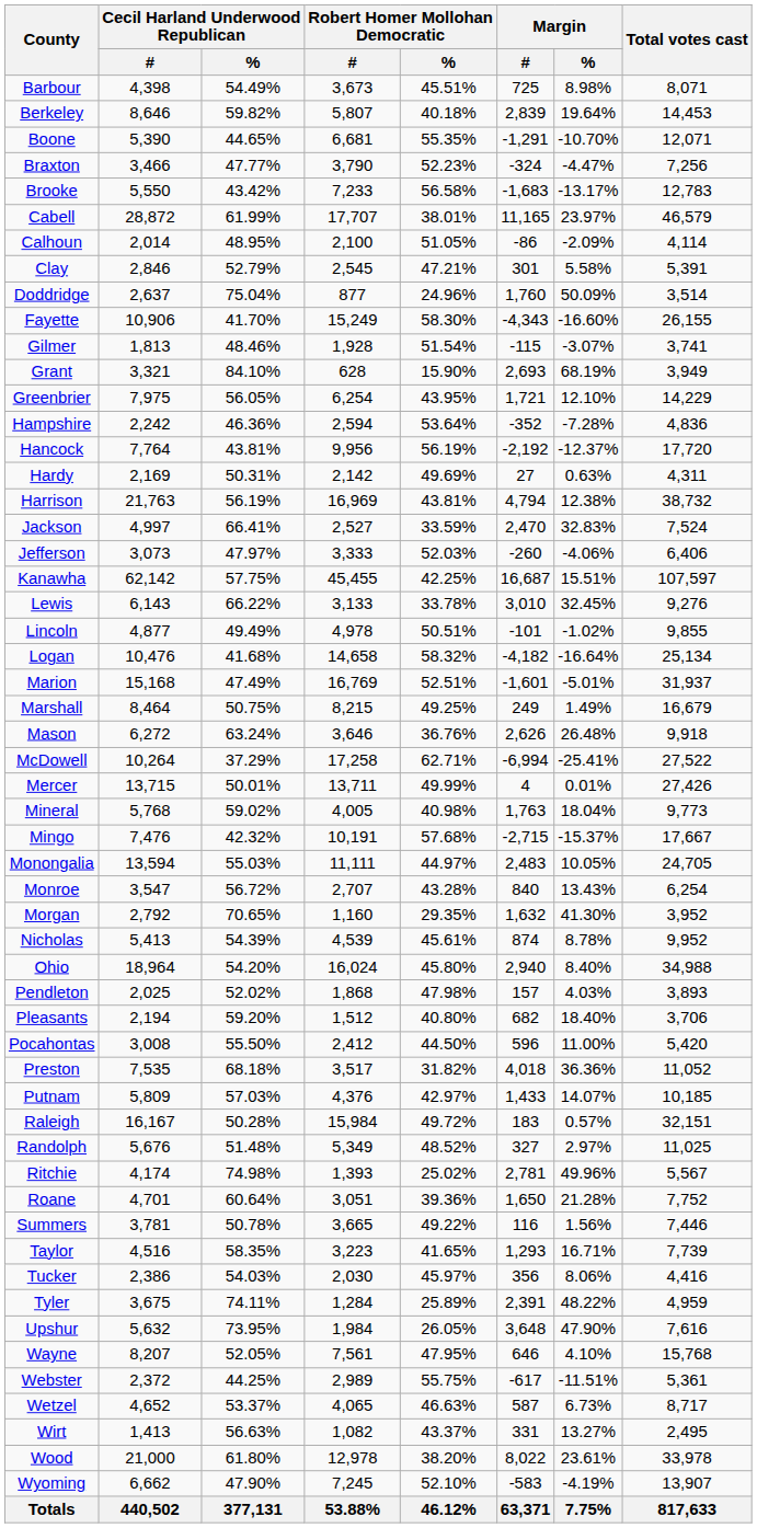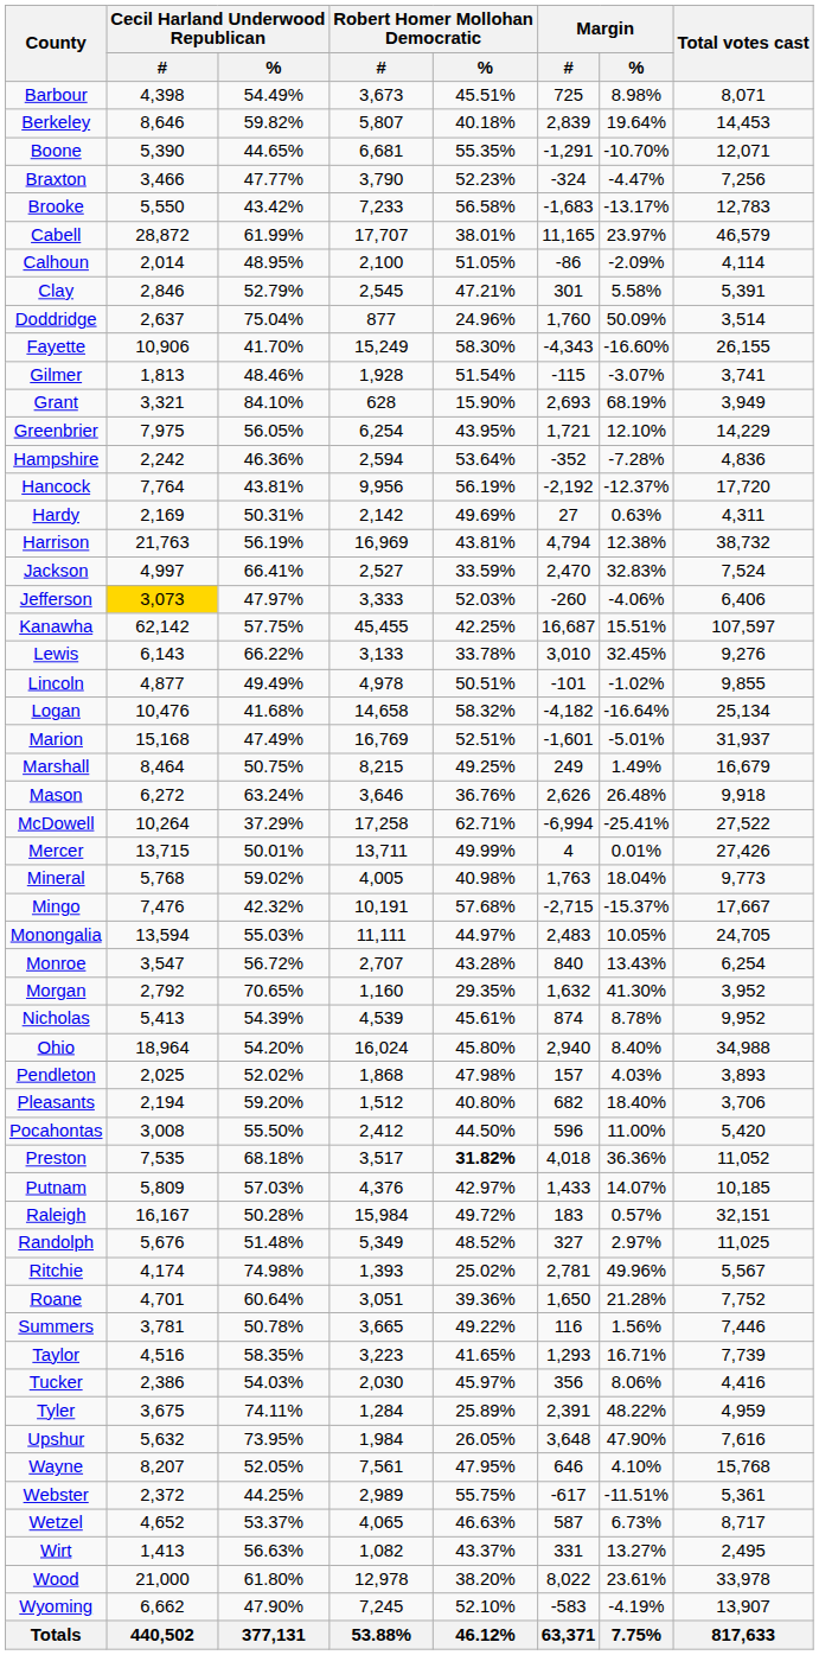 <table class="wikitable sortable" style="text-align:center">
 <tr>
 <th style="text-align:center;" rowspan="2">County</th>
 <th style="text-align:center;" colspan="2">Cecil Harland Underwood<br>Republican</th>
 <th style="text-align:center;" colspan="2">Robert Homer Mollohan<br>Democratic</th>
 <th style="text-align:center;" colspan="2">Margin</th>
 <th style="text-align:center;" rowspan="2">Total votes cast</th>
 </tr>
 <tr>
 <th data-sort-type="number">#</th>
 <th data-sort-type="number">%</th>
 <th data-sort-type="number">#</th>
 <th data-sort-type="number">%</th>
 <th data-sort-type="number">#</th>
 <th data-sort-type="number">%</th>
 </tr>
 <tr style="text-align:center;">
 <td><a href='#'>Barbour</a></td>
 <td>4,398</td>
 <td>54.49%</td>
 <td>3,673</td>
 <td>45.51%</td>
 <td>725</td>
 <td>8.98%</td>
 <td>8,071</td>
 </tr>
 <tr style="text-align:center;">
 <td><a href='#'>Berkeley</a></td>
 <td>8,646</td>
 <td>59.82%</td>
 <td>5,807</td>
 <td>40.18%</td>
 <td>2,839</td>
 <td>19.64%</td>
 <td>14,453</td>
 </tr>
 <tr style="text-align:center;">
 <td><a href='#'>Boone</a></td>
 <td>5,390</td>
 <td>44.65%</td>
 <td>6,681</td>
 <td>55.35%</td>
 <td>-1,291</td>
 <td>-10.70%</td>
 <td>12,071</td>
 </tr>
 <tr style="text-align:center;">
 <td><a href='#'>Braxton</a></td>
 <td>3,466</td>
 <td>47.77%</td>
 <td>3,790</td>
 <td>52.23%</td>
 <td>-324</td>
 <td>-4.47%</td>
 <td>7,256</td>
 </tr>
 <tr style="text-align:center;">
 <td><a href='#'>Brooke</a></td>
 <td>5,550</td>
 <td>43.42%</td>
 <td>7,233</td>
 <td>56.58%</td>
 <td>-1,683</td>
 <td>-13.17%</td>
 <td>12,783</td>
 </tr>
 <tr style="text-align:center;">
 <td><a href='#'>Cabell</a></td>
 <td>28,872</td>
 <td>61.99%</td>
 <td>17,707</td>
 <td>38.01%</td>
 <td>11,165</td>
 <td>23.97%</td>
 <td>46,579</td>
 </tr>
 <tr style="text-align:center;">
 <td><a href='#'>Calhoun</a></td>
 <td>2,014</td>
 <td>48.95%</td>
 <td>2,100</td>
 <td>51.05%</td>
 <td>-86</td>
 <td>-2.09%</td>
 <td>4,114</td>
 </tr>
 <tr style="text-align:center;">
 <td><a href='#'>Clay</a></td>
 <td>2,846</td>
 <td>52.79%</td>
 <td>2,545</td>
 <td>47.21%</td>
 <td>301</td>
 <td>5.58%</td>
 <td>5,391</td>
 </tr>
 <tr style="text-align:center;">
 <td><a href='#'>Doddridge</a></td>
 <td>2,637</td>
 <td>75.04%</td>
 <td>877</td>
 <td>24.96%</td>
 <td>1,760</td>
 <td>50.09%</td>
 <td>3,514</td>
 </tr>
 <tr style="text-align:center;">
 <td><a href='#'>Fayette</a></td>
 <td>10,906</td>
 <td>41.70%</td>
 <td>15,249</td>
 <td>58.30%</td>
 <td>-4,343</td>
 <td>-16.60%</td>
 <td>26,155</td>
 </tr>
 <tr style="text-align:center;">
 <td><a href='#'>Gilmer</a></td>
 <td>1,813</td>
 <td>48.46%</td>
 <td>1,928</td>
 <td>51.54%</td>
 <td>-115</td>
 <td>-3.07%</td>
 <td>3,741</td>
 </tr>
 <tr style="text-align:center;">
 <td><a href='#'>Grant</a></td>
 <td>3,321</td>
 <td>84.10%</td>
 <td>628</td>
 <td>15.90%</td>
 <td>2,693</td>
 <td>68.19%</td>
 <td>3,949</td>
 </tr>
 <tr style="text-align:center;">
 <td><a href='#'>Greenbrier</a></td>
 <td>7,975</td>
 <td>56.05%</td>
 <td>6,254</td>
 <td>43.95%</td>
 <td>1,721</td>
 <td>12.10%</td>
 <td>14,229</td>
 </tr>
 <tr style="text-align:center;">
 <td><a href='#'>Hampshire</a></td>
 <td>2,242</td>
 <td>46.36%</td>
 <td>2,594</td>
 <td>53.64%</td>
 <td>-352</td>
 <td>-7.28%</td>
 <td>4,836</td>
 </tr>
 <tr style="text-align:center;">
 <td><a href='#'>Hancock</a></td>
 <td>7,764</td>
 <td>43.81%</td>
 <td>9,956</td>
 <td>56.19%</td>
 <td>-2,192</td>
 <td>-12.37%</td>
 <td>17,720</td>
 </tr>
 <tr style="text-align:center;">
 <td><a href='#'>Hardy</a></td>
 <td>2,169</td>
 <td>50.31%</td>
 <td>2,142</td>
 <td>49.69%</td>
 <td>27</td>
 <td>0.63%</td>
 <td>4,311</td>
 </tr>
 <tr style="text-align:center;">
 <td><a href='#'>Harrison</a></td>
 <td>21,763</td>
 <td>56.19%</td>
 <td>16,969</td>
 <td>43.81%</td>
 <td>4,794</td>
 <td>12.38%</td>
 <td>38,732</td>
 </tr>
 <tr style="text-align:center;">
 <td><a href='#'>Jackson</a></td>
 <td>4,997</td>
 <td>66.41%</td>
 <td>2,527</td>
 <td>33.59%</td>
 <td>2,470</td>
 <td>32.83%</td>
 <td>7,524</td>
 </tr>
 <tr style="text-align:center;">
 <td><a href='#'>Jefferson</a></td>
-<td>3,073</td>
+<td style="background: gold;">3,073</td>
 <td>47.97%</td>
 <td>3,333</td>
 <td>52.03%</td>
 <td>-260</td>
 <td>-4.06%</td>
 <td>6,406</td>
 </tr>
 <tr style="text-align:center;">
 <td><a href='#'>Kanawha</a></td>
 <td>62,142</td>
 <td>57.75%</td>
 <td>45,455</td>
 <td>42.25%</td>
 <td>16,687</td>
 <td>15.51%</td>
 <td>107,597</td>
 </tr>
 <tr style="text-align:center;">
 <td><a href='#'>Lewis</a></td>
 <td>6,143</td>
 <td>66.22%</td>
 <td>3,133</td>
 <td>33.78%</td>
 <td>3,010</td>
 <td>32.45%</td>
 <td>9,276</td>
 </tr>
 <tr style="text-align:center;">
 <td><a href='#'>Lincoln</a></td>
 <td>4,877</td>
 <td>49.49%</td>
 <td>4,978</td>
 <td>50.51%</td>
 <td>-101</td>
 <td>-1.02%</td>
 <td>9,855</td>
 </tr>
 <tr style="text-align:center;">
 <td><a href='#'>Logan</a></td>
 <td>10,476</td>
 <td>41.68%</td>
 <td>14,658</td>
 <td>58.32%</td>
 <td>-4,182</td>
 <td>-16.64%</td>
 <td>25,134</td>
 </tr>
 <tr style="text-align:center;">
 <td><a href='#'>Marion</a></td>
 <td>15,168</td>
 <td>47.49%</td>
 <td>16,769</td>
 <td>52.51%</td>
 <td>-1,601</td>
 <td>-5.01%</td>
 <td>31,937</td>
 </tr>
 <tr style="text-align:center;">
 <td><a href='#'>Marshall</a></td>
 <td>8,464</td>
 <td>50.75%</td>
 <td>8,215</td>
 <td>49.25%</td>
 <td>249</td>
 <td>1.49%</td>
 <td>16,679</td>
 </tr>
 <tr style="text-align:center;">
 <td><a href='#'>Mason</a></td>
 <td>6,272</td>
 <td>63.24%</td>
 <td>3,646</td>
 <td>36.76%</td>
 <td>2,626</td>
 <td>26.48%</td>
 <td>9,918</td>
 </tr>
 <tr style="text-align:center;">
 <td><a href='#'>McDowell</a></td>
 <td>10,264</td>
 <td>37.29%</td>
 <td>17,258</td>
 <td>62.71%</td>
 <td>-6,994</td>
 <td>-25.41%</td>
 <td>27,522</td>
 </tr>
 <tr style="text-align:center;">
 <td><a href='#'>Mercer</a></td>
 <td>13,715</td>
 <td>50.01%</td>
 <td>13,711</td>
 <td>49.99%</td>
 <td>4</td>
 <td>0.01%</td>
 <td>27,426</td>
 </tr>
 <tr style="text-align:center;">
 <td><a href='#'>Mineral</a></td>
 <td>5,768</td>
 <td>59.02%</td>
 <td>4,005</td>
 <td>40.98%</td>
 <td>1,763</td>
 <td>18.04%</td>
 <td>9,773</td>
 </tr>
 <tr style="text-align:center;">
 <td><a href='#'>Mingo</a></td>
 <td>7,476</td>
 <td>42.32%</td>
 <td>10,191</td>
 <td>57.68%</td>
 <td>-2,715</td>
 <td>-15.37%</td>
 <td>17,667</td>
 </tr>
 <tr style="text-align:center;">
 <td><a href='#'>Monongalia</a></td>
 <td>13,594</td>
 <td>55.03%</td>
 <td>11,111</td>
 <td>44.97%</td>
 <td>2,483</td>
 <td>10.05%</td>
 <td>24,705</td>
 </tr>
 <tr style="text-align:center;">
 <td><a href='#'>Monroe</a></td>
 <td>3,547</td>
 <td>56.72%</td>
 <td>2,707</td>
 <td>43.28%</td>
 <td>840</td>
 <td>13.43%</td>
 <td>6,254</td>
 </tr>
 <tr style="text-align:center;">
 <td><a href='#'>Morgan</a></td>
 <td>2,792</td>
 <td>70.65%</td>
 <td>1,160</td>
 <td>29.35%</td>
 <td>1,632</td>
 <td>41.30%</td>
 <td>3,952</td>
 </tr>
 <tr style="text-align:center;">
 <td><a href='#'>Nicholas</a></td>
 <td>5,413</td>
 <td>54.39%</td>
 <td>4,539</td>
 <td>45.61%</td>
 <td>874</td>
 <td>8.78%</td>
 <td>9,952</td>
 </tr>
 <tr style="text-align:center;">
 <td><a href='#'>Ohio</a></td>
 <td>18,964</td>
 <td>54.20%</td>
 <td>16,024</td>
 <td>45.80%</td>
 <td>2,940</td>
 <td>8.40%</td>
 <td>34,988</td>
 </tr>
 <tr style="text-align:center;">
 <td><a href='#'>Pendleton</a></td>
 <td>2,025</td>
 <td>52.02%</td>
 <td>1,868</td>
 <td>47.98%</td>
 <td>157</td>
 <td>4.03%</td>
 <td>3,893</td>
 </tr>
 <tr style="text-align:center;">
 <td><a href='#'>Pleasants</a></td>
 <td>2,194</td>
 <td>59.20%</td>
 <td>1,512</td>
 <td>40.80%</td>
 <td>682</td>
 <td>18.40%</td>
 <td>3,706</td>
 </tr>
 <tr style="text-align:center;">
 <td><a href='#'>Pocahontas</a></td>
 <td>3,008</td>
 <td>55.50%</td>
 <td>2,412</td>
 <td>44.50%</td>
 <td>596</td>
 <td>11.00%</td>
 <td>5,420</td>
 </tr>
 <tr style="text-align:center;">
 <td><a href='#'>Preston</a></td>
 <td>7,535</td>
 <td>68.18%</td>
 <td>3,517</td>
-<td>31.82%</td>
+<td><strong>31.82%</strong></td>
 <td>4,018</td>
 <td>36.36%</td>
 <td>11,052</td>
 </tr>
 <tr style="text-align:center;">
 <td><a href='#'>Putnam</a></td>
 <td>5,809</td>
 <td>57.03%</td>
 <td>4,376</td>
 <td>42.97%</td>
 <td>1,433</td>
 <td>14.07%</td>
 <td>10,185</td>
 </tr>
 <tr style="text-align:center;">
 <td><a href='#'>Raleigh</a></td>
 <td>16,167</td>
 <td>50.28%</td>
 <td>15,984</td>
 <td>49.72%</td>
 <td>183</td>
 <td>0.57%</td>
 <td>32,151</td>
 </tr>
 <tr style="text-align:center;">
 <td><a href='#'>Randolph</a></td>
 <td>5,676</td>
 <td>51.48%</td>
 <td>5,349</td>
 <td>48.52%</td>
 <td>327</td>
 <td>2.97%</td>
 <td>11,025</td>
 </tr>
 <tr style="text-align:center;">
 <td><a href='#'>Ritchie</a></td>
 <td>4,174</td>
 <td>74.98%</td>
 <td>1,393</td>
 <td>25.02%</td>
 <td>2,781</td>
 <td>49.96%</td>
 <td>5,567</td>
 </tr>
 <tr style="text-align:center;">
 <td><a href='#'>Roane</a></td>
 <td>4,701</td>
 <td>60.64%</td>
 <td>3,051</td>
 <td>39.36%</td>
 <td>1,650</td>
 <td>21.28%</td>
 <td>7,752</td>
 </tr>
 <tr style="text-align:center;">
 <td><a href='#'>Summers</a></td>
 <td>3,781</td>
 <td>50.78%</td>
 <td>3,665</td>
 <td>49.22%</td>
 <td>116</td>
 <td>1.56%</td>
 <td>7,446</td>
 </tr>
 <tr style="text-align:center;">
 <td><a href='#'>Taylor</a></td>
 <td>4,516</td>
 <td>58.35%</td>
 <td>3,223</td>
 <td>41.65%</td>
 <td>1,293</td>
 <td>16.71%</td>
 <td>7,739</td>
 </tr>
 <tr style="text-align:center;">
 <td><a href='#'>Tucker</a></td>
 <td>2,386</td>
 <td>54.03%</td>
 <td>2,030</td>
 <td>45.97%</td>
 <td>356</td>
 <td>8.06%</td>
 <td>4,416</td>
 </tr>
 <tr style="text-align:center;">
 <td><a href='#'>Tyler</a></td>
 <td>3,675</td>
 <td>74.11%</td>
 <td>1,284</td>
 <td>25.89%</td>
 <td>2,391</td>
 <td>48.22%</td>
 <td>4,959</td>
 </tr>
 <tr style="text-align:center;">
 <td><a href='#'>Upshur</a></td>
 <td>5,632</td>
 <td>73.95%</td>
 <td>1,984</td>
 <td>26.05%</td>
 <td>3,648</td>
 <td>47.90%</td>
 <td>7,616</td>
 </tr>
 <tr style="text-align:center;">
 <td><a href='#'>Wayne</a></td>
 <td>8,207</td>
 <td>52.05%</td>
 <td>7,561</td>
 <td>47.95%</td>
 <td>646</td>
 <td>4.10%</td>
 <td>15,768</td>
 </tr>
 <tr style="text-align:center;">
 <td><a href='#'>Webster</a></td>
 <td>2,372</td>
 <td>44.25%</td>
 <td>2,989</td>
 <td>55.75%</td>
 <td>-617</td>
 <td>-11.51%</td>
 <td>5,361</td>
 </tr>
 <tr style="text-align:center;">
 <td><a href='#'>Wetzel</a></td>
 <td>4,652</td>
 <td>53.37%</td>
 <td>4,065</td>
 <td>46.63%</td>
 <td>587</td>
 <td>6.73%</td>
 <td>8,717</td>
 </tr>
 <tr style="text-align:center;">
 <td><a href='#'>Wirt</a></td>
 <td>1,413</td>
 <td>56.63%</td>
 <td>1,082</td>
 <td>43.37%</td>
 <td>331</td>
 <td>13.27%</td>
 <td>2,495</td>
 </tr>
 <tr style="text-align:center;">
 <td><a href='#'>Wood</a></td>
 <td>21,000</td>
 <td>61.80%</td>
 <td>12,978</td>
 <td>38.20%</td>
 <td>8,022</td>
 <td>23.61%</td>
 <td>33,978</td>
 </tr>
 <tr style="text-align:center;">
 <td><a href='#'>Wyoming</a></td>
 <td>6,662</td>
 <td>47.90%</td>
 <td>7,245</td>
 <td>52.10%</td>
 <td>-583</td>
 <td>-4.19%</td>
 <td>13,907</td>
 </tr>
 <tr style="text-align:center;">
 <th>Totals</th>
 <th>440,502</th>
 <th>377,131</th>
 <th>53.88%</th>
 <th>46.12%</th>
 <th>63,371</th>
 <th>7.75%</th>
 <th>817,633</th>
 </tr>
 </table>
